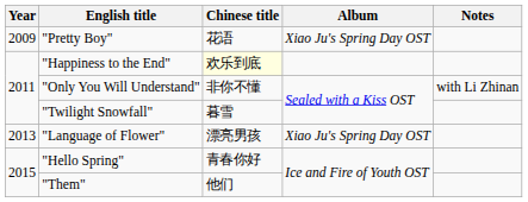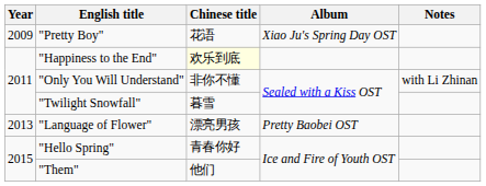 <table class="wikitable">
 <tr>
 <th>Year</th>
 <th>English title</th>
 <th>Chinese title</th>
 <th>Album</th>
 <th>Notes</th>
 </tr>
 <tr>
 <td>2009</td>
 <td>"Pretty Boy"</td>
 <td>花语</td>
 <td><em>Xiao Ju's Spring Day OST</em></td>
 <td></td>
 </tr>
 <tr>
 <td rowspan=3>2011</td>
 <td>"Happiness to the End"</td>
 <td style="background: lightyellow;">欢乐到底</td>
 <td></td>
 <td></td>
 </tr>
 <tr>
 <td>"Only You Will Understand"</td>
 <td>非你不懂</td>
 <td rowspan=2><em><a href='#'>Sealed with a Kiss</a>  OST</em></td>
 <td>with Li Zhinan</td>
 </tr>
 <tr>
 <td>"Twilight Snowfall"</td>
 <td>暮雪</td>
 <td></td>
 </tr>
 <tr>
 <td>2013</td>
 <td>"Language of Flower"</td>
 <td>漂亮男孩</td>
-<td><em>Xiao Ju's Spring Day OST</em></td>
+<td><em>Pretty Baobei OST</em></td>
 <td></td>
 </tr>
 <tr>
 <td rowspan=2>2015</td>
 <td>"Hello Spring"</td>
 <td>青春你好</td>
 <td rowspan=2><em>Ice and Fire of Youth OST</em></td>
 <td></td>
 </tr>
 <tr>
 <td>"Them"</td>
 <td>他们</td>
 <td></td>
 </tr>
 </table>
